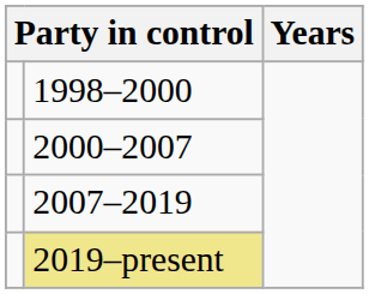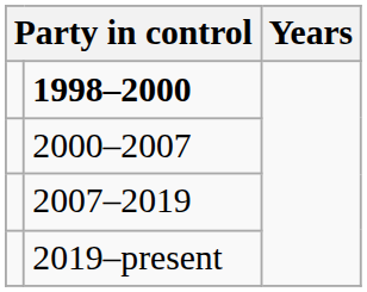 <table class="wikitable">
 <tr>
 <th colspan="2">Party in control</th>
 <th>Years</th>
 </tr>
 <tr>
 <td></td>
-<td>1998–2000</td>
+<td><strong>1998–2000</strong></td>
 </tr>
 <tr>
 <td></td>
 <td>2000–2007</td>
 </tr>
 <tr>
 <td></td>
 <td>2007–2019</td>
 </tr>
 <tr>
 <td></td>
-<td style="background: khaki;">2019–present</td>
+<td>2019–present</td>
 </tr>
 </table>
